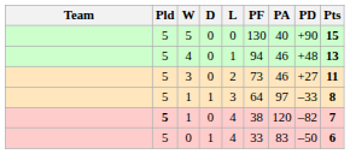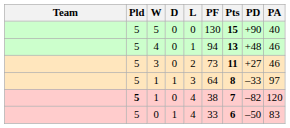 <table class="wikitable" style="text-align:center;">
 <tr>
 <th width=175>Team</th>
 <th width=20 abbr="Played">Pld</th>
 <th width=20 abbr="Won">W</th>
 <th width=20 abbr="Drawn">D</th>
 <th width=20 abbr="Lost">L</th>
 <th width=20 abbr="Points for">PF</th>
+<th width=20 abbr="Points">Pts</th>
+<th width=25 abbr="Points difference">PD</th>
 <th width=20 abbr="Points against">PA</th>
-<th width=25 abbr="Points difference">PD</th>
-<th width=20 abbr="Points">Pts</th>
 </tr>
 <tr style="background:#ccffcc">
 <td align=left></td>
 <td>5</td>
 <td>5</td>
 <td>0</td>
 <td>0</td>
 <td>130</td>
+<td><strong>15</strong></td>
+<td>+90</td>
 <td>40</td>
-<td>+90</td>
-<td><strong>15</strong></td>
 </tr>
 <tr style="background:#ccffcc">
 <td align=left></td>
 <td>5</td>
 <td>4</td>
 <td>0</td>
 <td>1</td>
 <td>94</td>
+<td><strong>13</strong></td>
+<td>+48</td>
 <td>46</td>
-<td>+48</td>
-<td><strong>13</strong></td>
 </tr>
 <tr style="background:#ffe6bd">
 <td align=left></td>
 <td>5</td>
 <td>3</td>
 <td>0</td>
 <td>2</td>
 <td>73</td>
+<td><strong>11</strong></td>
+<td>+27</td>
 <td>46</td>
-<td>+27</td>
-<td><strong>11</strong></td>
 </tr>
 <tr style="background:#ffe6bd">
 <td align=left></td>
 <td>5</td>
 <td>1</td>
 <td>1</td>
 <td>3</td>
 <td>64</td>
+<td><strong>8</strong></td>
+<td>–33</td>
 <td>97</td>
-<td>–33</td>
-<td><strong>8</strong></td>
 </tr>
 <tr style="background:#fcc">
 <td align=left></td>
 <td><strong>5</strong></td>
 <td>1</td>
 <td>0</td>
 <td>4</td>
 <td>38</td>
+<td><strong>7</strong></td>
+<td>–82</td>
 <td>120</td>
-<td>–82</td>
-<td><strong>7</strong></td>
 </tr>
 <tr style="background:#fcc">
 <td align=left></td>
 <td>5</td>
 <td>0</td>
 <td>1</td>
 <td>4</td>
 <td>33</td>
+<td><strong>6</strong></td>
+<td>–50</td>
 <td>83</td>
-<td>–50</td>
-<td><strong>6</strong></td>
 </tr>
 </table>
